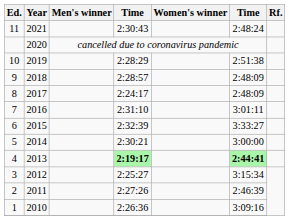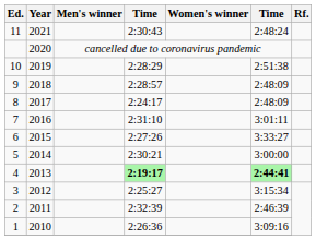 <table class="wikitable sortable" style=" text-align:center;">
 <tr>
 <th class="unsortable">Ed.</th>
 <th>Year</th>
 <th>Men's winner</th>
 <th>Time</th>
 <th>Women's winner</th>
 <th>Time</th>
 <th class="unsortable">Rf.</th>
 </tr>
 <tr>
 <td>11</td>
 <td>2021</td>
 <td align=left></td>
 <td>2:30:43</td>
 <td align=left></td>
 <td>2:48:24</td>
 <td></td>
 </tr>
 <tr>
 <td></td>
 <td>2020</td>
 <td colspan="4" align="center" data-sort-value=""><em>cancelled due to coronavirus pandemic</em></td>
 <td></td>
 </tr>
 <tr>
 <td>10</td>
 <td>2019</td>
 <td align=left></td>
 <td>2:28:29</td>
 <td align=left></td>
 <td>2:51:38</td>
 <td></td>
 </tr>
 <tr>
 <td>9</td>
 <td>2018</td>
 <td align=left></td>
 <td>2:28:57</td>
 <td align=left></td>
 <td>2:48:09</td>
 <td></td>
 </tr>
 <tr>
 <td>8</td>
 <td>2017</td>
 <td align=left></td>
 <td>2:24:17</td>
 <td align=left></td>
 <td>2:48:09</td>
 <td></td>
 </tr>
 <tr>
 <td>7</td>
 <td>2016</td>
 <td align=left></td>
 <td>2:31:10</td>
 <td align=left></td>
 <td>3:01:11</td>
 <td></td>
 </tr>
 <tr>
 <td>6</td>
 <td>2015</td>
 <td align=left></td>
-<td>2:32:39</td>
+<td>2:27:26</td>
 <td align=left></td>
 <td>3:33:27</td>
 <td></td>
 </tr>
 <tr>
 <td>5</td>
 <td>2014</td>
 <td align=left></td>
 <td>2:30:21</td>
 <td align=left></td>
 <td>3:00:00</td>
 </tr>
 <tr>
 <td>4</td>
 <td>2013</td>
 <td align=left></td>
 <td bgcolor=#A9F5A9><strong>2:19:17</strong></td>
 <td align=left></td>
 <td bgcolor=#A9F5A9><strong>2:44:41</strong></td>
 <td></td>
 </tr>
 <tr>
 <td>3</td>
 <td>2012</td>
 <td align=left></td>
 <td>2:25:27</td>
 <td align=left></td>
 <td>3:15:34</td>
 </tr>
 <tr>
 <td>2</td>
 <td>2011</td>
 <td align=left></td>
-<td>2:27:26</td>
+<td>2:32:39</td>
 <td align=left></td>
 <td>2:46:39</td>
 </tr>
 <tr>
 <td>1</td>
 <td>2010</td>
 <td align=left></td>
 <td>2:26:36</td>
 <td align=left></td>
 <td>3:09:16</td>
 </tr>
 <tr>
 </tr>
 </table>
